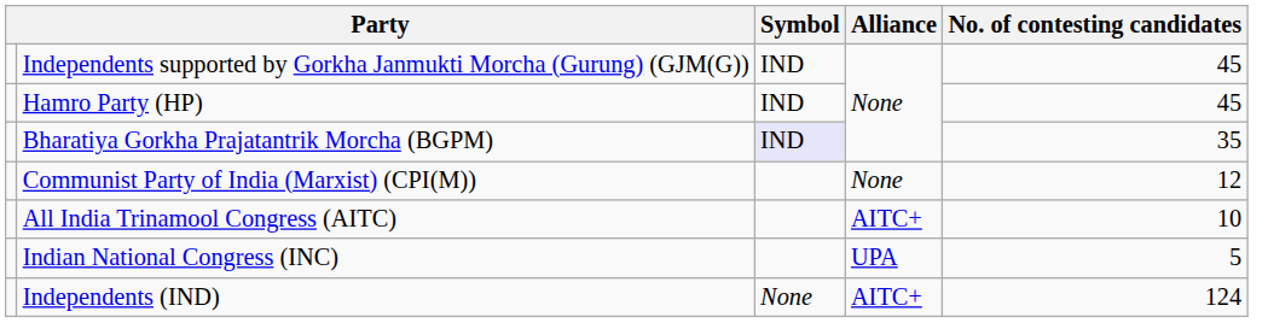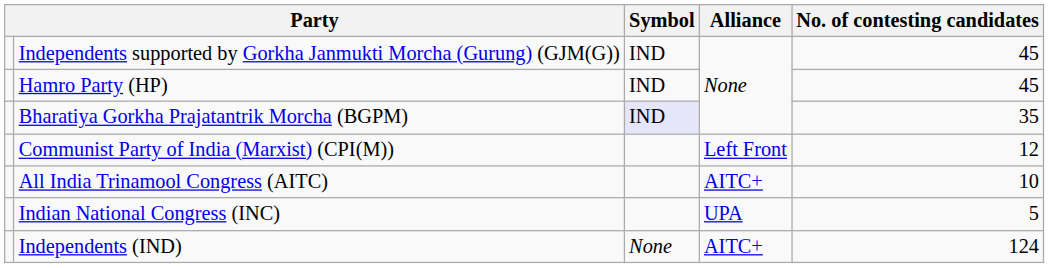 <table class="wikitable">
 <tr>
 <th colspan="2">Party</th>
 <th>Symbol</th>
 <th>Alliance</th>
 <th>No. of contesting candidates</th>
 </tr>
 <tr>
 <td></td>
 <td><a href='#'>Independents</a> supported by <a href='#'>Gorkha Janmukti Morcha (Gurung)</a> (GJM(G))</td>
 <td>IND</td>
 <td rowspan="3"><em>None</em></td>
 <td style="text-align:right">45</td>
 </tr>
 <tr>
 <td></td>
 <td><a href='#'>Hamro Party</a> (HP)</td>
 <td>IND</td>
 <td style="text-align:right">45</td>
 </tr>
 <tr>
 <td></td>
 <td><a href='#'>Bharatiya Gorkha Prajatantrik Morcha</a> (BGPM)</td>
 <td style="background: lavender;">IND</td>
 <td style="text-align:right">35</td>
 </tr>
 <tr>
 <td></td>
 <td><a href='#'>Communist Party of India (Marxist)</a> (CPI(M))</td>
 <td></td>
-<td><em>None</em></td>
+<td><a href='#'>Left Front</a></td>
 <td style="text-align:right">12</td>
 </tr>
 <tr>
 <td></td>
 <td><a href='#'>All India Trinamool Congress</a> (AITC)</td>
 <td></td>
 <td><a href='#'>AITC+</a></td>
 <td style="text-align:right">10</td>
 </tr>
 <tr>
 <td></td>
 <td><a href='#'>Indian National Congress</a> (INC)</td>
 <td></td>
 <td><a href='#'>UPA</a></td>
 <td style="text-align:right">5</td>
 </tr>
 <tr>
 <td></td>
 <td><a href='#'>Independents</a> (IND)</td>
 <td><em>None</em></td>
 <td><a href='#'>AITC+</a></td>
 <td style="text-align:right">124</td>
 </tr>
 </table>
